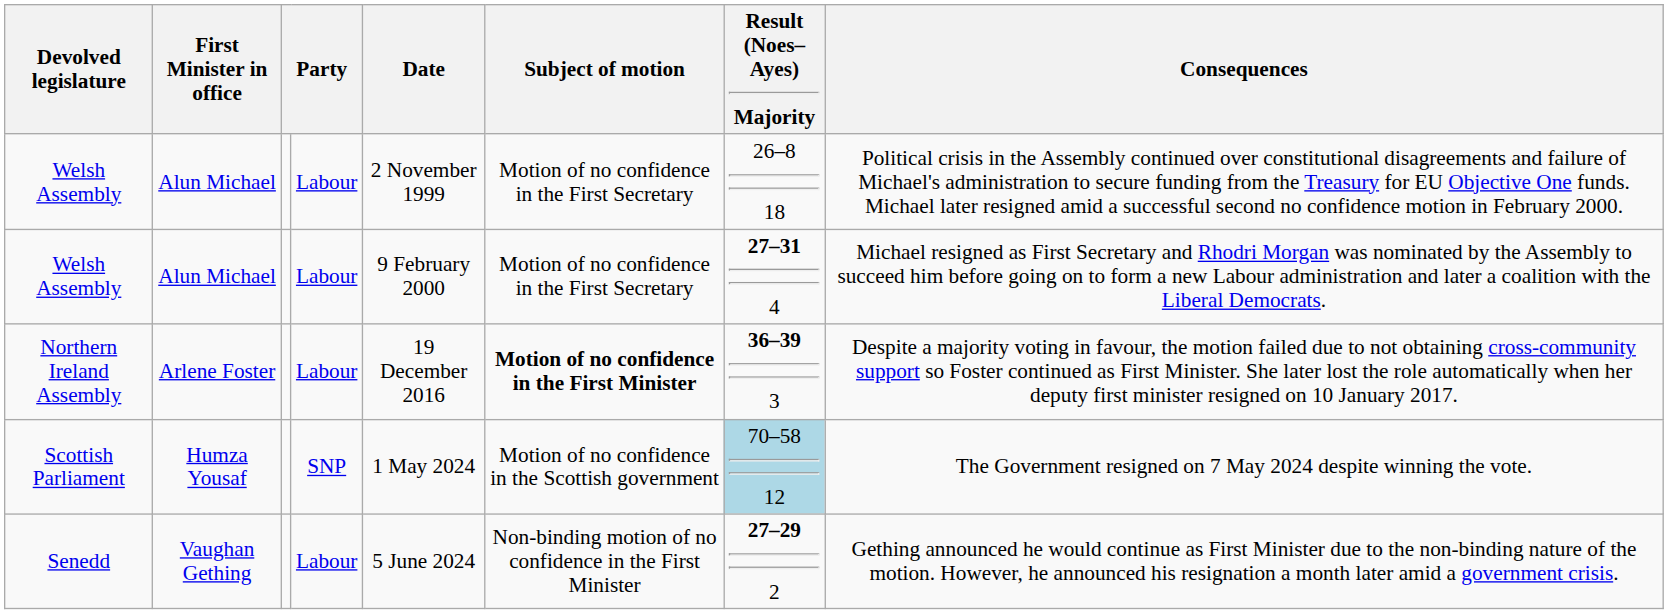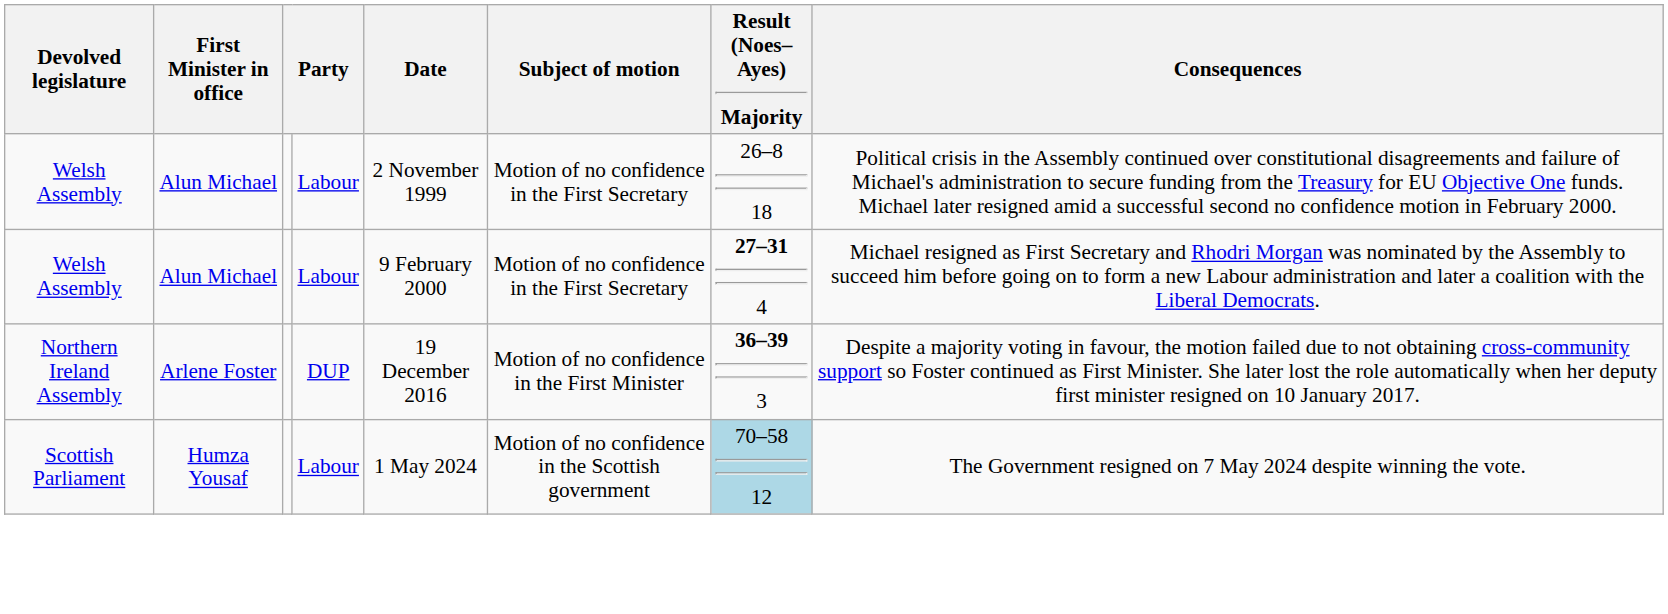 <table class="wikitable sortable" style="text-align:center">
 <tr>
 <th>Devolved legislature</th>
 <th>First Minister in office</th>
 <th colspan=2>Party</th>
 <th>Date</th>
 <th>Subject of motion</th>
 <th data-sort-type=number>Result <br>(Noes–Ayes)<hr>Majority</th>
 <th>Consequences</th>
 </tr>
 <tr>
 <td><a href='#'>Welsh Assembly</a></td>
 <td><a href='#'>Alun Michael</a></td>
 <td style="background-color: "></td>
 <td><a href='#'>Labour</a></td>
 <td>2 November 1999</td>
 <td>Motion of no confidence in the First Secretary</td>
 <td data-sort-value=1>26–8<hr><hr>18</td>
 <td>Political crisis in the Assembly continued over constitutional disagreements and failure of Michael's administration to secure funding from the <a href='#'>Treasury</a> for EU <a href='#'>Objective One</a> funds. Michael later resigned amid a successful second no confidence motion in February 2000.</td>
 </tr>
 <tr>
 <td><a href='#'>Welsh Assembly</a></td>
 <td><a href='#'>Alun Michael</a></td>
 <td style="background-color: "></td>
 <td><a href='#'>Labour</a></td>
 <td>9 February 2000</td>
 <td>Motion of no confidence in the First Secretary</td>
 <td data-sort-value=1><strong>27–31<hr></strong><hr>4</td>
 <td>Michael resigned as First Secretary and <a href='#'>Rhodri Morgan</a> was nominated by the Assembly to succeed him before going on to form a new Labour administration and later a coalition with the <a href='#'>Liberal Democrats</a>.</td>
 </tr>
 <tr>
 <td><a href='#'>Northern Ireland Assembly</a></td>
 <td><a href='#'>Arlene Foster</a></td>
 <td style="background-color: "></td>
-<td><a href='#'>Labour</a></td>
+<td><a href='#'>DUP</a></td>
 <td>19 December 2016</td>
-<td><strong>Motion of no confidence in the First Minister</strong></td>
+<td>Motion of no confidence in the First Minister</td>
 <td data-sort-value=1><strong>36–39<hr></strong><hr>3</td>
 <td>Despite a majority voting in favour, the motion failed due to not obtaining <a href='#'>cross-community support</a> so Foster continued as First Minister. She later lost the role automatically when her deputy first minister resigned on 10 January 2017.</td>
 </tr>
 <tr>
 <td><a href='#'>Scottish Parliament</a></td>
 <td><a href='#'>Humza Yousaf</a></td>
 <td style="background-color: "></td>
-<td><a href='#'>SNP</a></td>
+<td><a href='#'>Labour</a></td>
 <td>1 May 2024</td>
 <td>Motion of no confidence in the Scottish government</td>
 <td data-sort-value=1 style="background: lightblue;">70–58<hr><hr>12</td>
 <td>The Government resigned on 7 May 2024 despite winning the vote.</td>
 </tr>
-<tr>
-<td><a href='#'>Senedd</a></td>
-<td><a href='#'>Vaughan Gething</a></td>
-<td style="background-color: "></td>
-<td><a href='#'>Labour</a></td>
-<td>5 June 2024</td>
-<td>Non-binding motion of no confidence in the First Minister</td>
-<td data-sort-value=1><strong>27–29<hr></strong><hr>2</td>
-<td>Gething announced he would continue as First Minister due to the non-binding nature of the motion. However, he announced his resignation a month later amid a <a href='#'>government crisis</a>.</td>
-</tr>
 </table>
